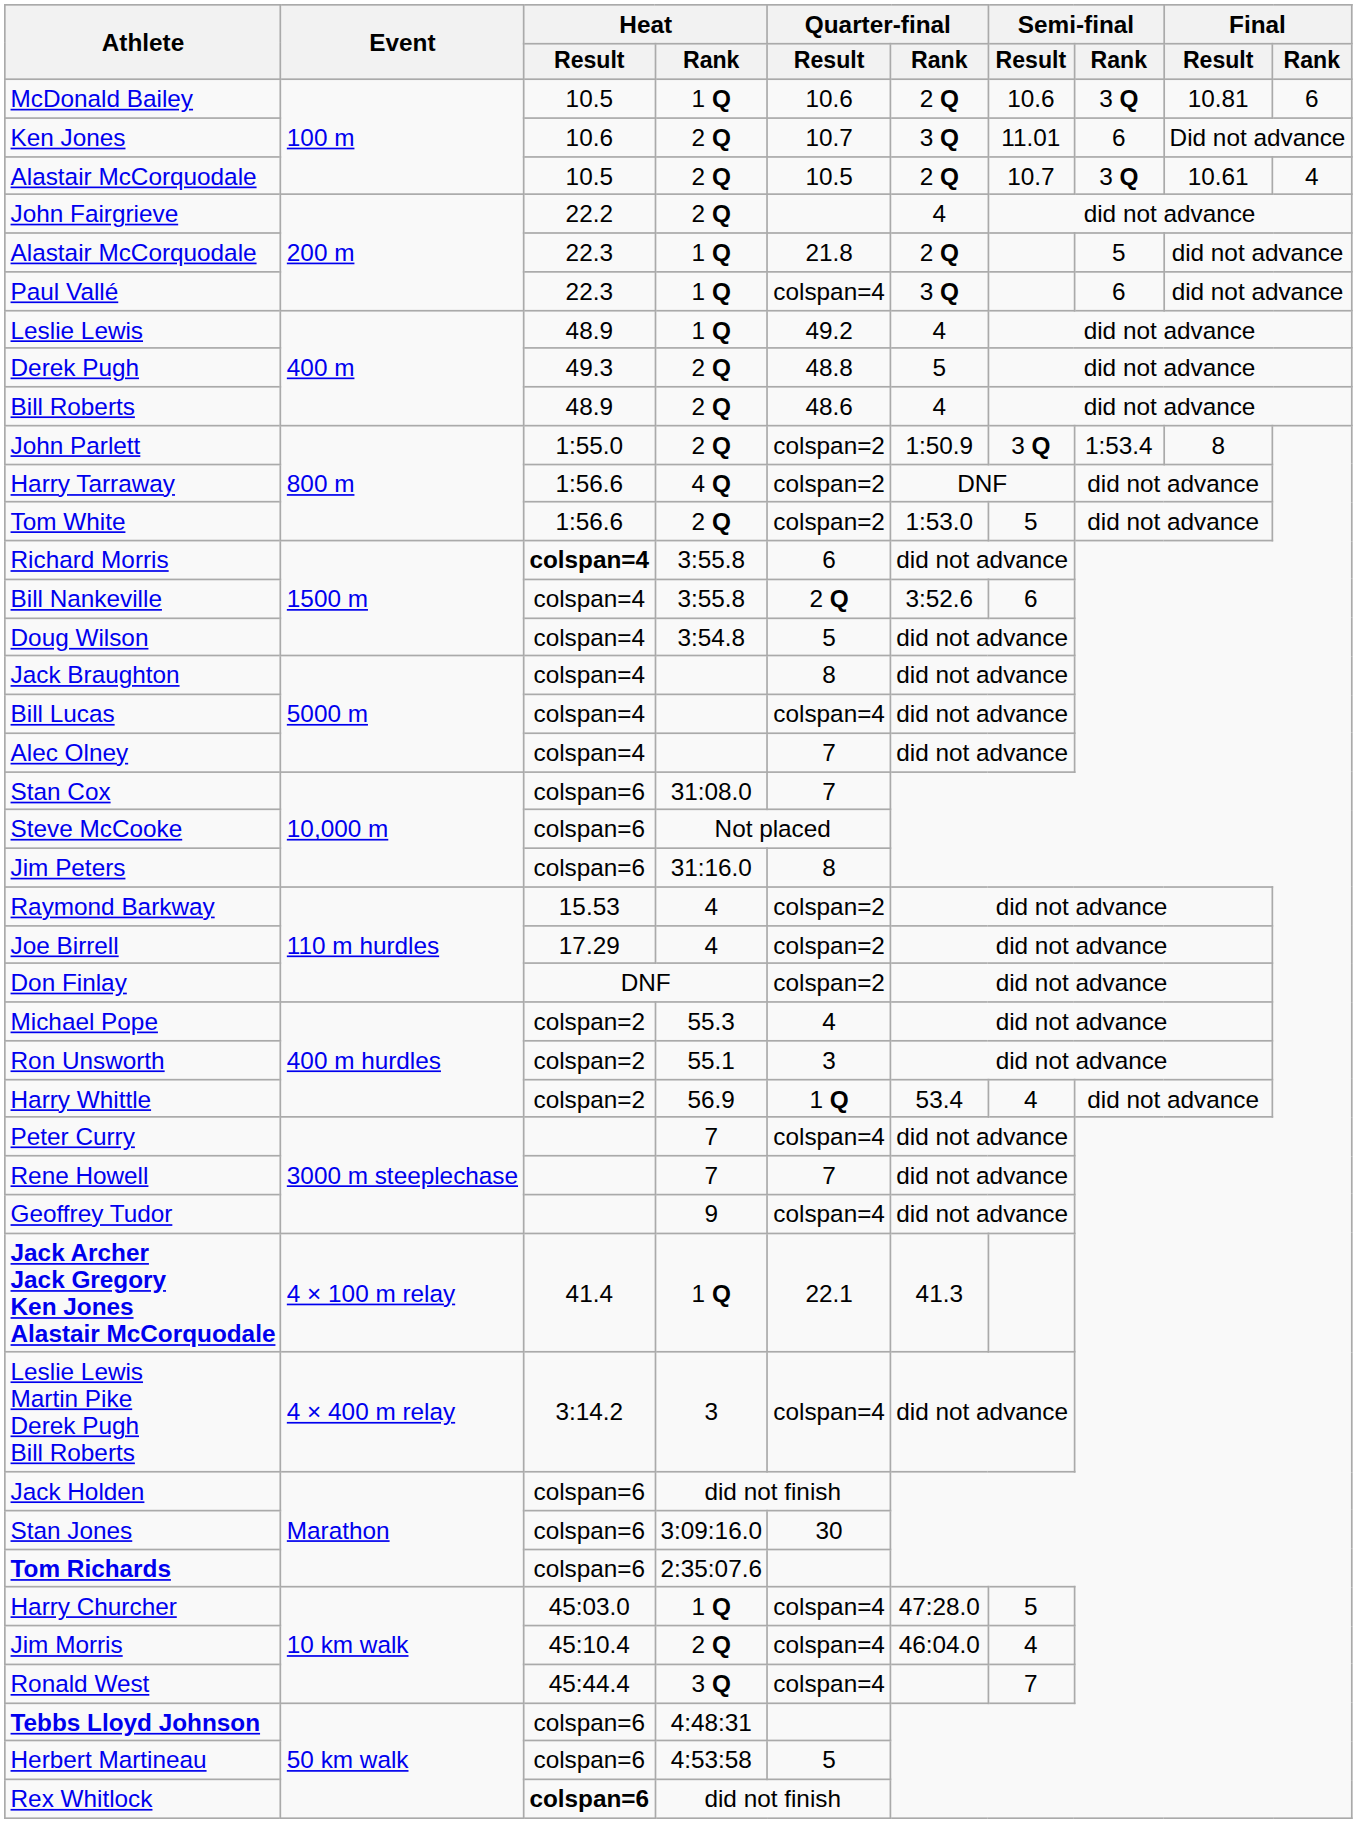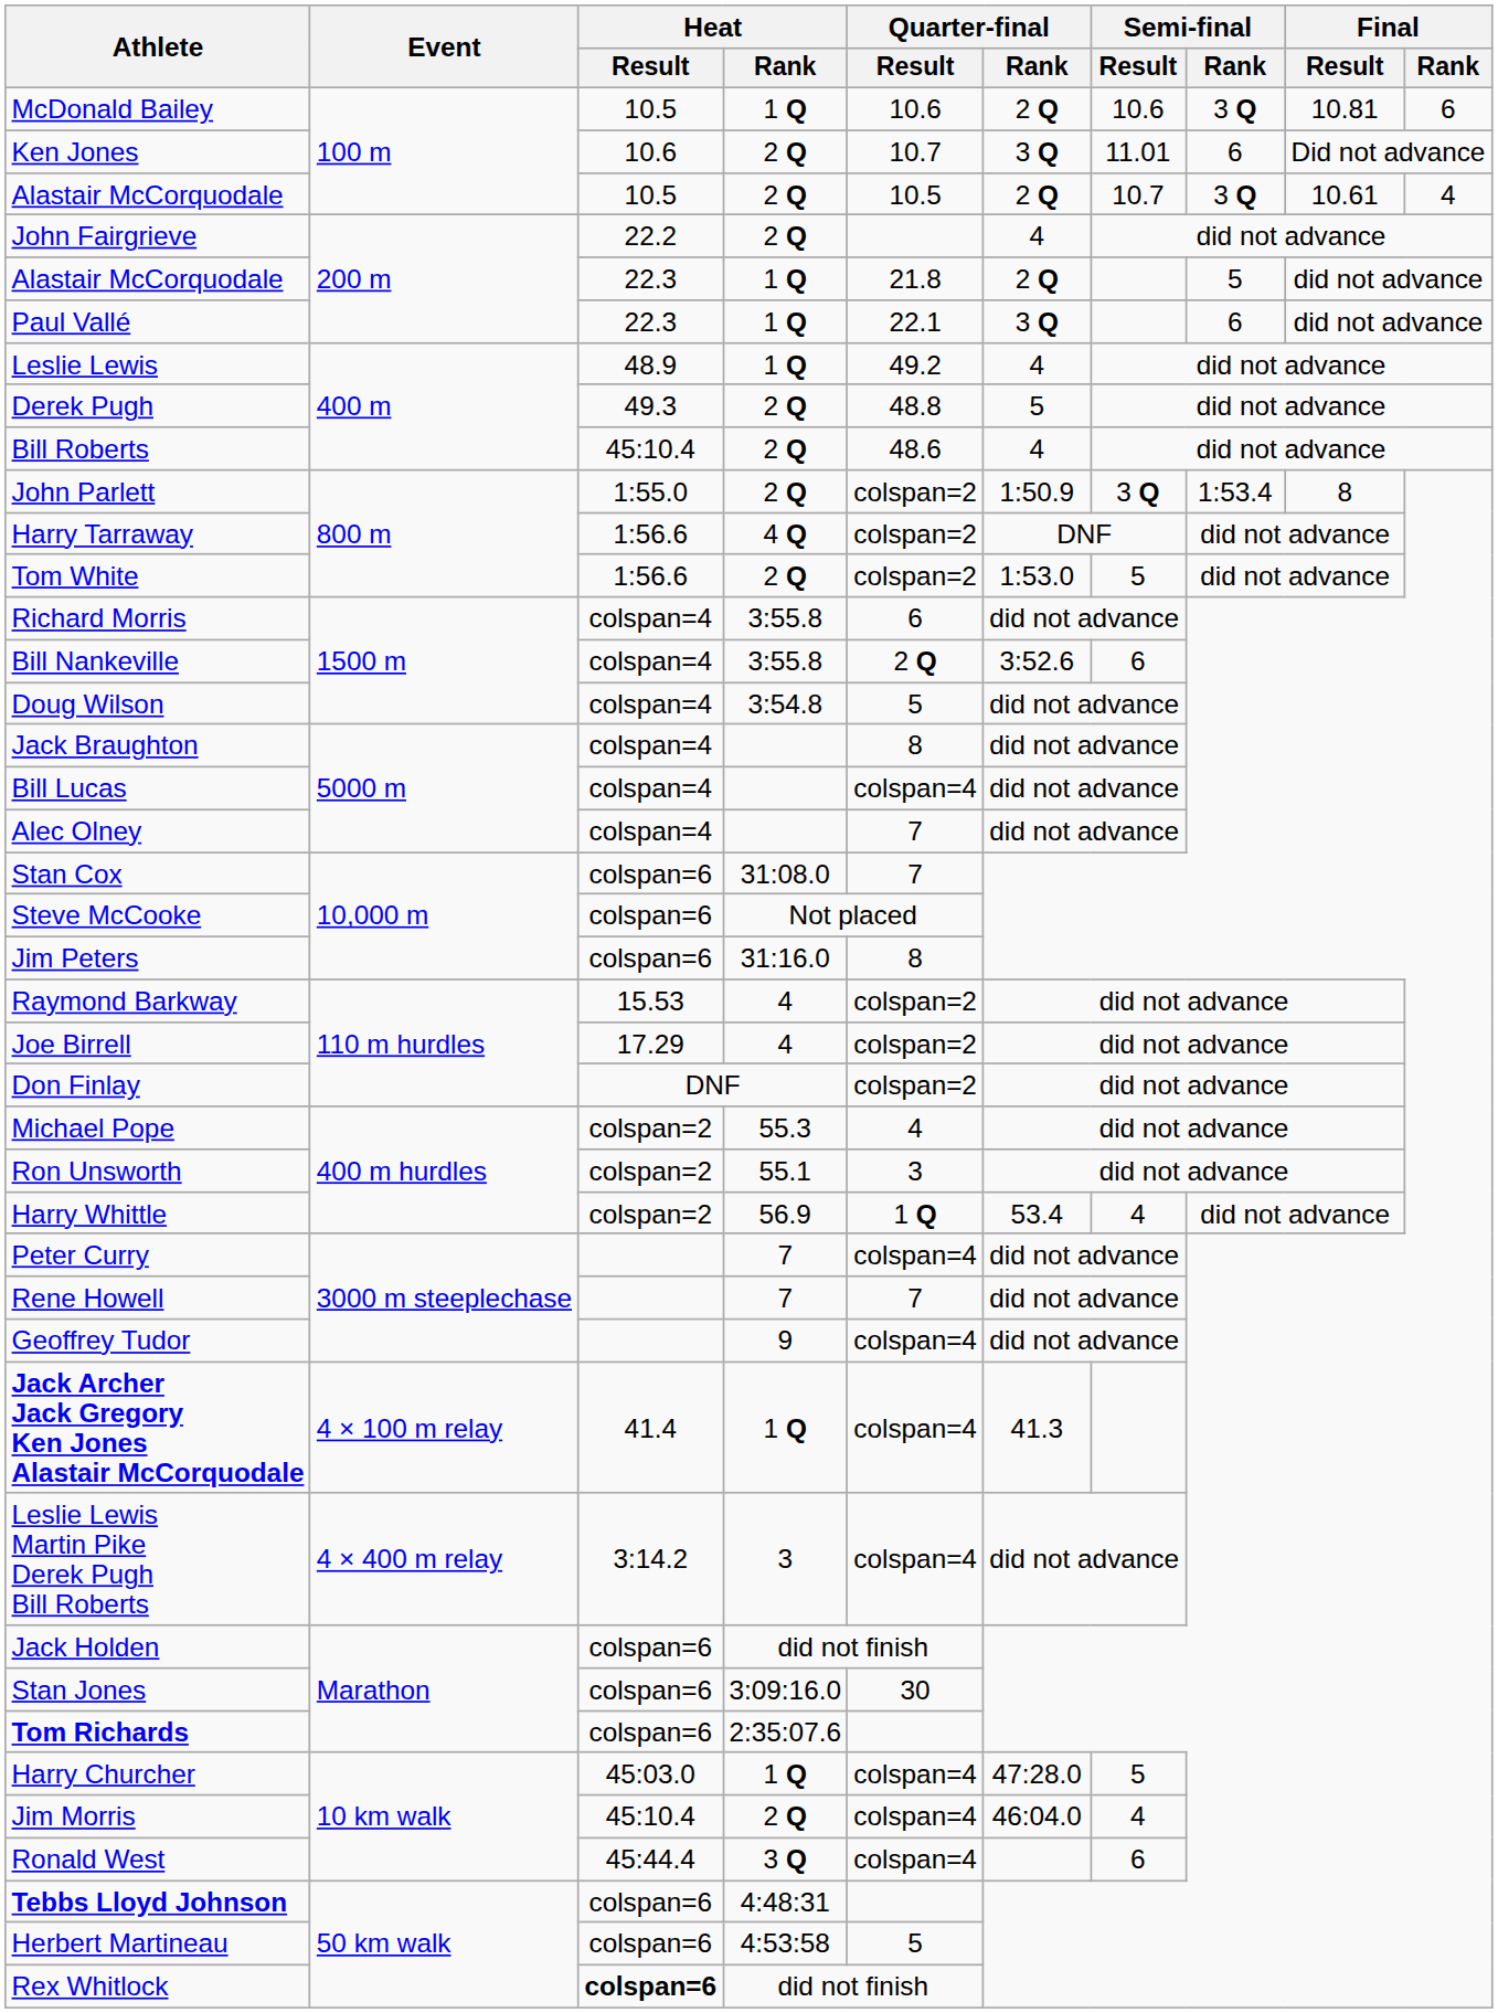 <table class=wikitable style=font-size:90%;text-align:center>
 <tr>
 <th rowspan=2>Athlete</th>
 <th rowspan=2>Event</th>
 <th colspan=2>Heat</th>
 <th colspan=2>Quarter-final</th>
 <th colspan=2>Semi-final</th>
 <th colspan=2>Final</th>
 </tr>
 <tr style=font-size:95%>
 <th>Result</th>
 <th>Rank</th>
 <th>Result</th>
 <th>Rank</th>
 <th>Result</th>
 <th>Rank</th>
 <th>Result</th>
 <th>Rank</th>
 </tr>
 <tr>
 <td align=left><a href='#'>McDonald Bailey</a></td>
 <td align=left rowspan=3><a href='#'>100 m</a></td>
 <td>10.5</td>
 <td>1 <strong>Q</strong></td>
 <td>10.6</td>
 <td>2 <strong>Q</strong></td>
 <td>10.6</td>
 <td>3 <strong>Q</strong></td>
 <td>10.81</td>
 <td>6</td>
 </tr>
 <tr>
 <td align=left><a href='#'>Ken Jones</a></td>
 <td>10.6</td>
 <td>2 <strong>Q</strong></td>
 <td>10.7</td>
 <td>3 <strong>Q</strong></td>
 <td>11.01</td>
 <td>6</td>
 <td colspan=2>Did not advance</td>
 </tr>
 <tr>
 <td align=left><a href='#'>Alastair McCorquodale</a></td>
 <td>10.5</td>
 <td>2 <strong>Q</strong></td>
 <td>10.5</td>
 <td>2 <strong>Q</strong></td>
 <td>10.7</td>
 <td>3 <strong>Q</strong></td>
 <td>10.61</td>
 <td>4</td>
 </tr>
 <tr>
 <td align=left><a href='#'>John Fairgrieve</a></td>
 <td align=left rowspan=3><a href='#'>200 m</a></td>
 <td>22.2</td>
 <td>2 <strong>Q</strong></td>
 <td></td>
 <td>4</td>
 <td colspan=4>did not advance</td>
 </tr>
 <tr>
 <td align=left><a href='#'>Alastair McCorquodale</a></td>
 <td>22.3</td>
 <td>1 <strong>Q</strong></td>
 <td>21.8</td>
 <td>2 <strong>Q</strong></td>
 <td></td>
 <td>5</td>
 <td colspan=2>did not advance</td>
 </tr>
 <tr>
 <td align=left><a href='#'>Paul Vallé</a></td>
 <td>22.3</td>
 <td>1 <strong>Q</strong></td>
-<td>colspan=4 </td>
+<td>22.1</td>
 <td>3 <strong>Q</strong></td>
 <td></td>
 <td>6</td>
 <td colspan=2>did not advance</td>
 </tr>
 <tr>
 <td align=left><a href='#'>Leslie Lewis</a></td>
 <td align=left rowspan=3><a href='#'>400 m</a></td>
 <td>48.9</td>
 <td>1 <strong>Q</strong></td>
 <td>49.2</td>
 <td>4</td>
 <td colspan=4>did not advance</td>
 </tr>
 <tr>
 <td align=left><a href='#'>Derek Pugh</a></td>
 <td>49.3</td>
 <td>2 <strong>Q</strong></td>
 <td>48.8</td>
 <td>5</td>
 <td colspan=4>did not advance</td>
 </tr>
 <tr>
 <td align=left><a href='#'>Bill Roberts</a></td>
-<td>48.9</td>
+<td>45:10.4</td>
 <td>2 <strong>Q</strong></td>
 <td>48.6</td>
 <td>4</td>
 <td colspan=4>did not advance</td>
 </tr>
 <tr>
 <td align=left><a href='#'>John Parlett</a></td>
 <td align=left rowspan=3><a href='#'>800 m</a></td>
 <td>1:55.0</td>
 <td>2 <strong>Q</strong></td>
 <td>colspan=2 </td>
 <td>1:50.9</td>
 <td>3 <strong>Q</strong></td>
 <td>1:53.4</td>
 <td>8</td>
 </tr>
 <tr>
 <td align=left><a href='#'>Harry Tarraway</a></td>
 <td>1:56.6</td>
 <td>4 <strong>Q</strong></td>
 <td>colspan=2 </td>
 <td colspan=2>DNF</td>
 <td colspan=2>did not advance</td>
 </tr>
 <tr>
 <td align=left><a href='#'>Tom White</a></td>
 <td>1:56.6</td>
 <td>2 <strong>Q</strong></td>
 <td>colspan=2 </td>
 <td>1:53.0</td>
 <td>5</td>
 <td colspan=2>did not advance</td>
 </tr>
 <tr>
 <td align=left><a href='#'>Richard Morris</a></td>
 <td align=left rowspan=3><a href='#'>1500 m</a></td>
-<td><strong>colspan=4 </strong></td>
+<td>colspan=4 </td>
 <td>3:55.8</td>
 <td>6</td>
 <td colspan=2>did not advance</td>
 </tr>
 <tr>
 <td align=left><a href='#'>Bill Nankeville</a></td>
 <td>colspan=4 </td>
 <td>3:55.8</td>
 <td>2 <strong>Q</strong></td>
 <td>3:52.6</td>
 <td>6</td>
 </tr>
 <tr>
 <td align=left><a href='#'>Doug Wilson</a></td>
 <td>colspan=4 </td>
 <td>3:54.8</td>
 <td>5</td>
 <td colspan=2>did not advance</td>
 </tr>
 <tr>
 <td align=left><a href='#'>Jack Braughton</a></td>
 <td align=left rowspan=3><a href='#'>5000 m</a></td>
 <td>colspan=4 </td>
 <td></td>
 <td>8</td>
 <td colspan=2>did not advance</td>
 </tr>
 <tr>
 <td align=left><a href='#'>Bill Lucas</a></td>
 <td>colspan=4 </td>
 <td></td>
 <td>colspan=4 </td>
 <td colspan=2>did not advance</td>
 </tr>
 <tr>
 <td align=left><a href='#'>Alec Olney</a></td>
 <td>colspan=4 </td>
 <td></td>
 <td>7</td>
 <td colspan=2>did not advance</td>
 </tr>
 <tr>
 <td align=left><a href='#'>Stan Cox</a></td>
 <td align=left rowspan=3><a href='#'>10,000 m</a></td>
 <td>colspan=6 </td>
 <td>31:08.0</td>
 <td>7</td>
 </tr>
 <tr>
 <td align=left><a href='#'>Steve McCooke</a></td>
 <td>colspan=6 </td>
 <td colspan=2>Not placed</td>
 </tr>
 <tr>
 <td align=left><a href='#'>Jim Peters</a></td>
 <td>colspan=6 </td>
 <td>31:16.0</td>
 <td>8</td>
 </tr>
 <tr>
 <td align=left><a href='#'>Raymond Barkway</a></td>
 <td align=left rowspan=3><a href='#'>110 m hurdles</a></td>
 <td>15.53</td>
 <td>4</td>
 <td>colspan=2 </td>
 <td colspan=4>did not advance</td>
 </tr>
 <tr>
 <td align=left><a href='#'>Joe Birrell</a></td>
 <td>17.29</td>
 <td>4</td>
 <td>colspan=2 </td>
 <td colspan=4>did not advance</td>
 </tr>
 <tr>
 <td align=left><a href='#'>Don Finlay</a></td>
 <td colspan=2>DNF</td>
 <td>colspan=2 </td>
 <td colspan=4>did not advance</td>
 </tr>
 <tr>
 <td align=left><a href='#'>Michael Pope</a></td>
 <td align=left rowspan=3><a href='#'>400 m hurdles</a></td>
 <td>colspan=2 </td>
 <td>55.3</td>
 <td>4</td>
 <td colspan=4>did not advance</td>
 </tr>
 <tr>
 <td align=left><a href='#'>Ron Unsworth</a></td>
 <td>colspan=2 </td>
 <td>55.1</td>
 <td>3</td>
 <td colspan=4>did not advance</td>
 </tr>
 <tr>
 <td align=left><a href='#'>Harry Whittle</a></td>
 <td>colspan=2 </td>
 <td>56.9</td>
 <td>1 <strong>Q</strong></td>
 <td>53.4</td>
 <td>4</td>
 <td colspan=2>did not advance</td>
 </tr>
 <tr>
 <td align=left><a href='#'>Peter Curry</a></td>
 <td align=left rowspan=3><a href='#'>3000 m steeplechase</a></td>
 <td></td>
 <td>7</td>
 <td>colspan=4 </td>
 <td colspan=2>did not advance</td>
 </tr>
 <tr>
 <td align=left><a href='#'>Rene Howell</a></td>
 <td></td>
 <td>7</td>
 <td>7</td>
 <td colspan=2>did not advance</td>
 </tr>
 <tr>
 <td align=left><a href='#'>Geoffrey Tudor</a></td>
 <td></td>
 <td>9</td>
 <td>colspan=4 </td>
 <td colspan=2>did not advance</td>
 </tr>
 <tr>
 <td align=left><strong><a href='#'>Jack Archer</a><br><a href='#'>Jack Gregory</a><br><a href='#'>Ken Jones</a><br><a href='#'>Alastair McCorquodale</a></strong></td>
 <td align=left><a href='#'>4 × 100 m relay</a></td>
 <td>41.4</td>
 <td>1 <strong>Q</strong></td>
-<td>22.1</td>
+<td>colspan=4 </td>
 <td>41.3</td>
 <td></td>
 </tr>
 <tr>
 <td align=left><a href='#'>Leslie Lewis</a><br><a href='#'>Martin Pike</a><br><a href='#'>Derek Pugh</a><br><a href='#'>Bill Roberts</a></td>
 <td align=left><a href='#'>4 × 400 m relay</a></td>
 <td>3:14.2</td>
 <td>3</td>
 <td>colspan=4 </td>
 <td colspan=2>did not advance</td>
 </tr>
 <tr>
 <td align=left><a href='#'>Jack Holden</a></td>
 <td align=left rowspan=3><a href='#'>Marathon</a></td>
 <td>colspan=6 </td>
 <td colspan=2>did not finish</td>
 </tr>
 <tr>
 <td align=left><a href='#'>Stan Jones</a></td>
 <td>colspan=6 </td>
 <td>3:09:16.0</td>
 <td>30</td>
 </tr>
 <tr>
 <td align=left><strong><a href='#'>Tom Richards</a></strong></td>
 <td>colspan=6 </td>
 <td>2:35:07.6</td>
 <td></td>
 </tr>
 <tr>
 <td align=left><a href='#'>Harry Churcher</a></td>
 <td align=left rowspan=3><a href='#'>10 km walk</a></td>
 <td>45:03.0</td>
 <td>1 <strong>Q</strong></td>
 <td>colspan=4 </td>
 <td>47:28.0</td>
 <td>5</td>
 </tr>
 <tr>
 <td align=left><a href='#'>Jim Morris</a></td>
 <td>45:10.4</td>
 <td>2 <strong>Q</strong></td>
 <td>colspan=4 </td>
 <td>46:04.0</td>
 <td>4</td>
 </tr>
 <tr>
 <td align=left><a href='#'>Ronald West</a></td>
 <td>45:44.4</td>
 <td>3 <strong>Q</strong></td>
 <td>colspan=4 </td>
 <td></td>
-<td>7</td>
+<td>6</td>
 </tr>
 <tr>
 <td align=left><strong><a href='#'>Tebbs Lloyd Johnson</a></strong></td>
 <td align=left rowspan=3><a href='#'>50 km walk</a></td>
 <td>colspan=6 </td>
 <td>4:48:31</td>
 <td></td>
 </tr>
 <tr>
 <td align=left><a href='#'>Herbert Martineau</a></td>
 <td>colspan=6 </td>
 <td>4:53:58</td>
 <td>5</td>
 </tr>
 <tr>
 <td align=left><a href='#'>Rex Whitlock</a></td>
 <td><strong>colspan=6 </strong></td>
 <td colspan=2>did not finish</td>
 </tr>
 </table>
